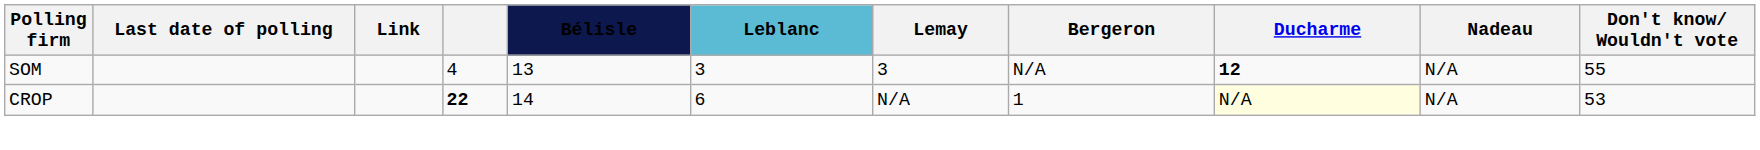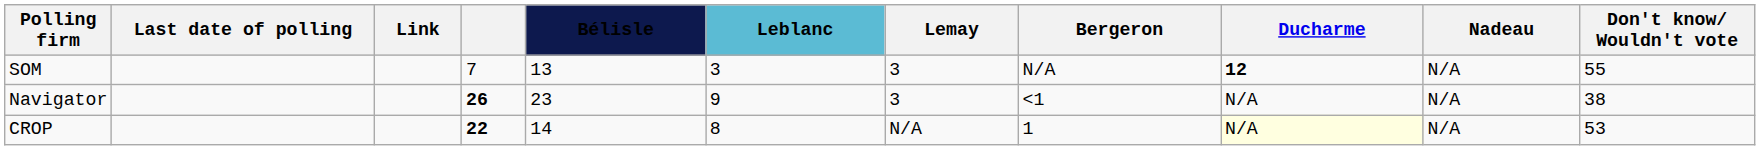 <table class="wikitable sortable">
 <tr style="background:#e9e9e9;">
 <th width=5%>Polling firm</th>
 <th width=15%>Last date of polling</th>
 <th style="width:5%;" class="unsortable">Link</th>
 <th style="background-color: "><strong><span></span></strong></th>
 <th style= "background-color: #0d194e;" align="center"><strong><span>Bélisle</span></strong></th>
 <th style= "background-color: #5bbbd4;" align="center"><strong><span>Leblanc</span></strong></th>
 <th style="background-color:"><strong>Lemay</strong></th>
 <th style="background-color:"><strong>Bergeron</strong></th>
 <th style="background-color:"><strong><a href='#'>Ducharme</a></strong></th>
 <th style="background-color:"><strong>Nadeau</strong></th>
 <th width=10%>Don't know/<br>Wouldn't vote</th>
 </tr>
 <tr>
 <td rowspan=1>SOM</td>
 <td rowspan=1></td>
 <td rowspan=1></td>
-<td>4</td>
+<td>7</td>
 <td>13</td>
 <td>3</td>
 <td>3</td>
 <td>N/A</td>
 <td><strong>12</strong></td>
 <td>N/A</td>
 <td>55</td>
 </tr>
 <tr>
+<td rowspan=1>Navigator</td>
+<td rowspan=1></td>
+<td rowspan=1></td>
+<td><strong>26</strong></td>
+<td>23</td>
+<td>9</td>
+<td>3</td>
+<td><1</td>
+<td>N/A</td>
+<td>N/A</td>
+<td>38</td>
+</tr>
+<tr>
 <td rowspan=1>CROP</td>
 <td rowspan=1></td>
 <td rowspan=1></td>
 <td><strong>22</strong></td>
 <td>14</td>
-<td>6</td>
+<td>8</td>
 <td>N/A</td>
 <td>1</td>
 <td style="background: lightyellow;">N/A</td>
 <td>N/A</td>
 <td>53</td>
 </tr>
 </table>
